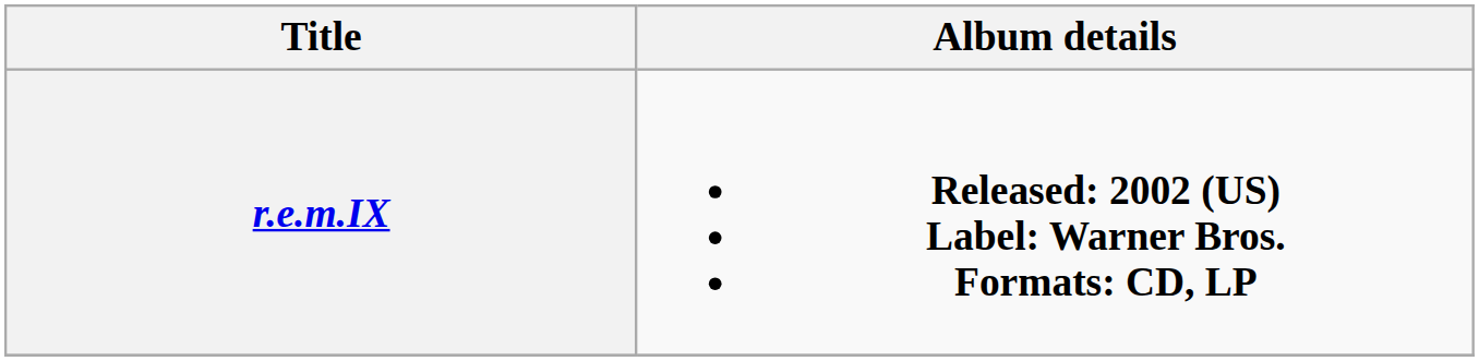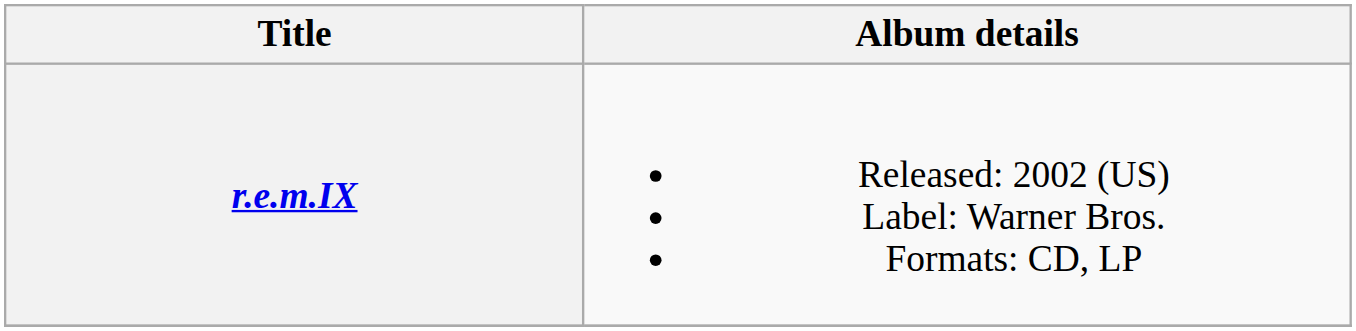 <table class="wikitable plainrowheaders" style="text-align:center;">
 <tr>
 <th scope="col" style="width:15em;">Title</th>
 <th scope="col" style="width:20em;">Album details</th>
 </tr>
 <tr>
 <th scope="row"><em><a href='#'>r.e.m.IX</a></em></th>
-<td><strong><br><ul><li>Released: 2002 <span>(US)</span></li><li>Label: Warner Bros.</li><li>Formats: CD, LP</li></ul></strong></td>
+<td><br><ul><li>Released: 2002 <span>(US)</span></li><li>Label: Warner Bros.</li><li>Formats: CD, LP</li></ul></td>
 </tr>
 <tr>
 </tr>
 </table>
